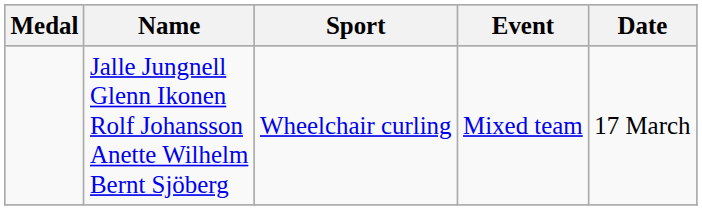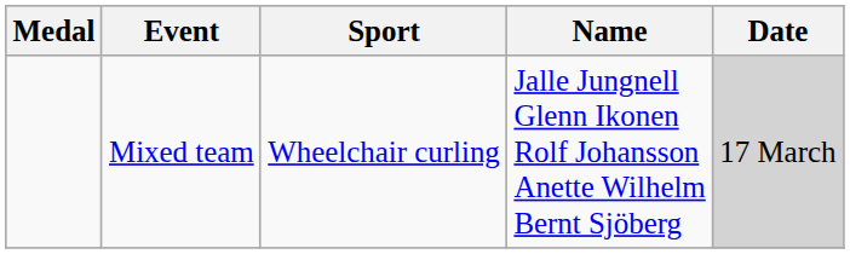 <table class="wikitable sortable" style="font-size:95%">
 <tr>
 <th>Medal</th>
+<th>Event</th>
+<th>Sport</th>
 <th>Name</th>
-<th>Sport</th>
-<th>Event</th>
 <th>Date</th>
 </tr>
 <tr>
 <td></td>
+<td><a href='#'>Mixed team</a></td>
+<td><a href='#'>Wheelchair curling</a></td>
 <td><a href='#'>Jalle Jungnell</a><br><a href='#'>Glenn Ikonen</a><br><a href='#'>Rolf Johansson</a><br><a href='#'>Anette Wilhelm</a><br><a href='#'>Bernt Sjöberg</a></td>
-<td><a href='#'>Wheelchair curling</a></td>
-<td><a href='#'>Mixed team</a></td>
-<td>17 March</td>
+<td style="background: lightgrey;">17 March</td>
 </tr>
 </table>
